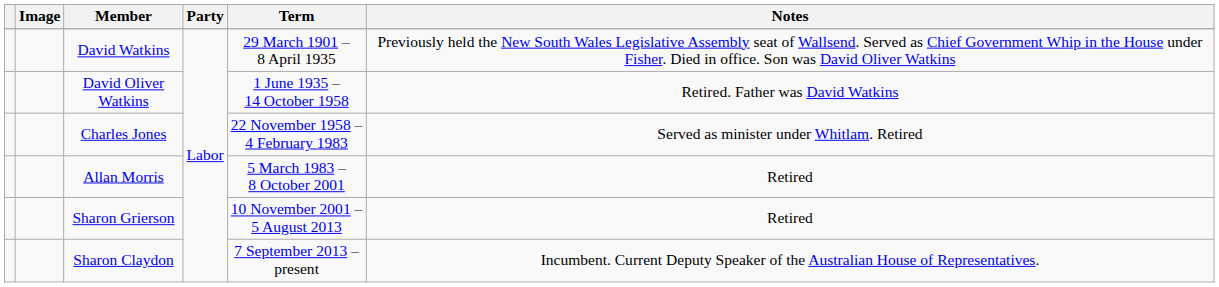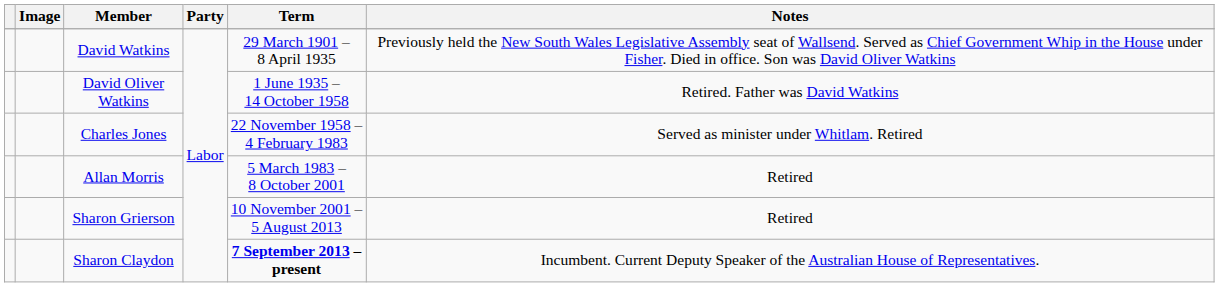 <table class=wikitable style="text-align:center">
 <tr>
 <th></th>
 <th>Image</th>
 <th>Member</th>
 <th>Party</th>
 <th>Term</th>
 <th>Notes</th>
 </tr>
 <tr>
 </tr>
 <tr>
 <td> </td>
 <td></td>
 <td><a href='#'>David Watkins</a><br></td>
 <td rowspan="6"><a href='#'>Labor</a></td>
 <td nowrap><a href='#'>29 March 1901</a> –<br>8 April 1935</td>
 <td>Previously held the <a href='#'>New South Wales Legislative Assembly</a> seat of <a href='#'>Wallsend</a>. Served as <a href='#'>Chief Government Whip in the House</a> under <a href='#'>Fisher</a>. Died in office. Son was <a href='#'>David Oliver Watkins</a></td>
 </tr>
 <tr>
 <td> </td>
 <td></td>
 <td><a href='#'>David Oliver Watkins</a><br></td>
 <td nowrap><a href='#'>1 June 1935</a> –<br><a href='#'>14 October 1958</a></td>
 <td>Retired. Father was <a href='#'>David Watkins</a></td>
 </tr>
 <tr>
 <td> </td>
 <td></td>
 <td><a href='#'>Charles Jones</a><br></td>
 <td nowrap><a href='#'>22 November 1958</a> –<br><a href='#'>4 February 1983</a></td>
 <td>Served as minister under <a href='#'>Whitlam</a>. Retired</td>
 </tr>
 <tr>
 <td> </td>
 <td></td>
 <td><a href='#'>Allan Morris</a><br></td>
 <td nowrap><a href='#'>5 March 1983</a> –<br><a href='#'>8 October 2001</a></td>
 <td>Retired</td>
 </tr>
 <tr>
 <td> </td>
 <td></td>
 <td><a href='#'>Sharon Grierson</a><br></td>
 <td nowrap><a href='#'>10 November 2001</a> –<br><a href='#'>5 August 2013</a></td>
 <td>Retired</td>
 </tr>
 <tr>
 <td> </td>
 <td></td>
 <td><a href='#'>Sharon Claydon</a><br></td>
-<td nowrap><a href='#'>7 September 2013</a> –<br>present</td>
+<td nowrap><strong><a href='#'>7 September 2013</a> –<br>present</strong></td>
 <td>Incumbent. Current Deputy Speaker of the <a href='#'>Australian House of Representatives</a>.</td>
 </tr>
 </table>
